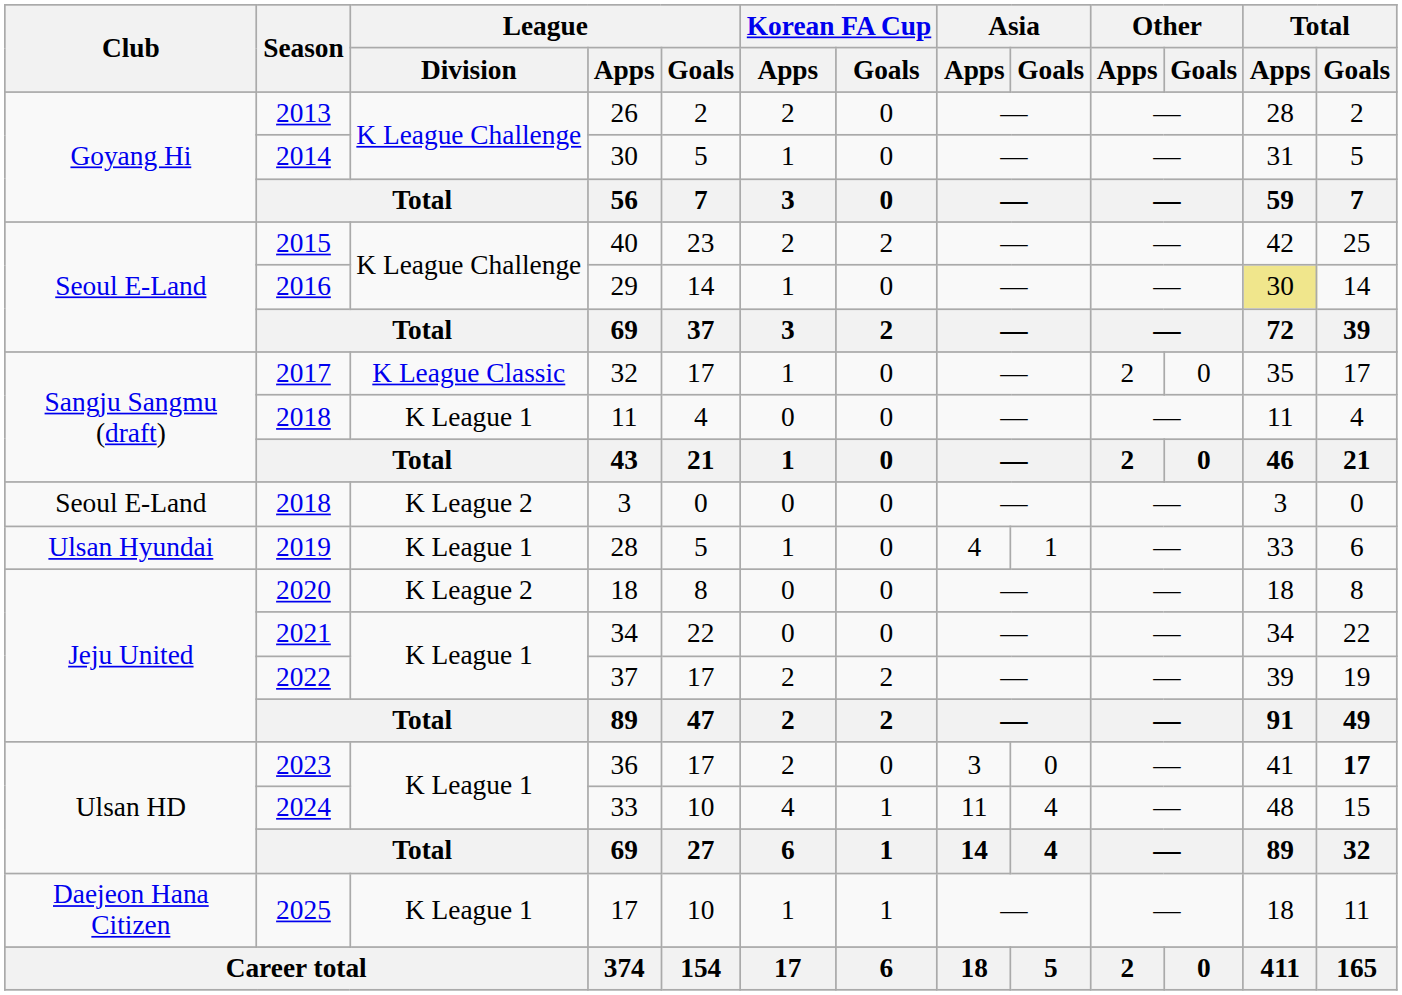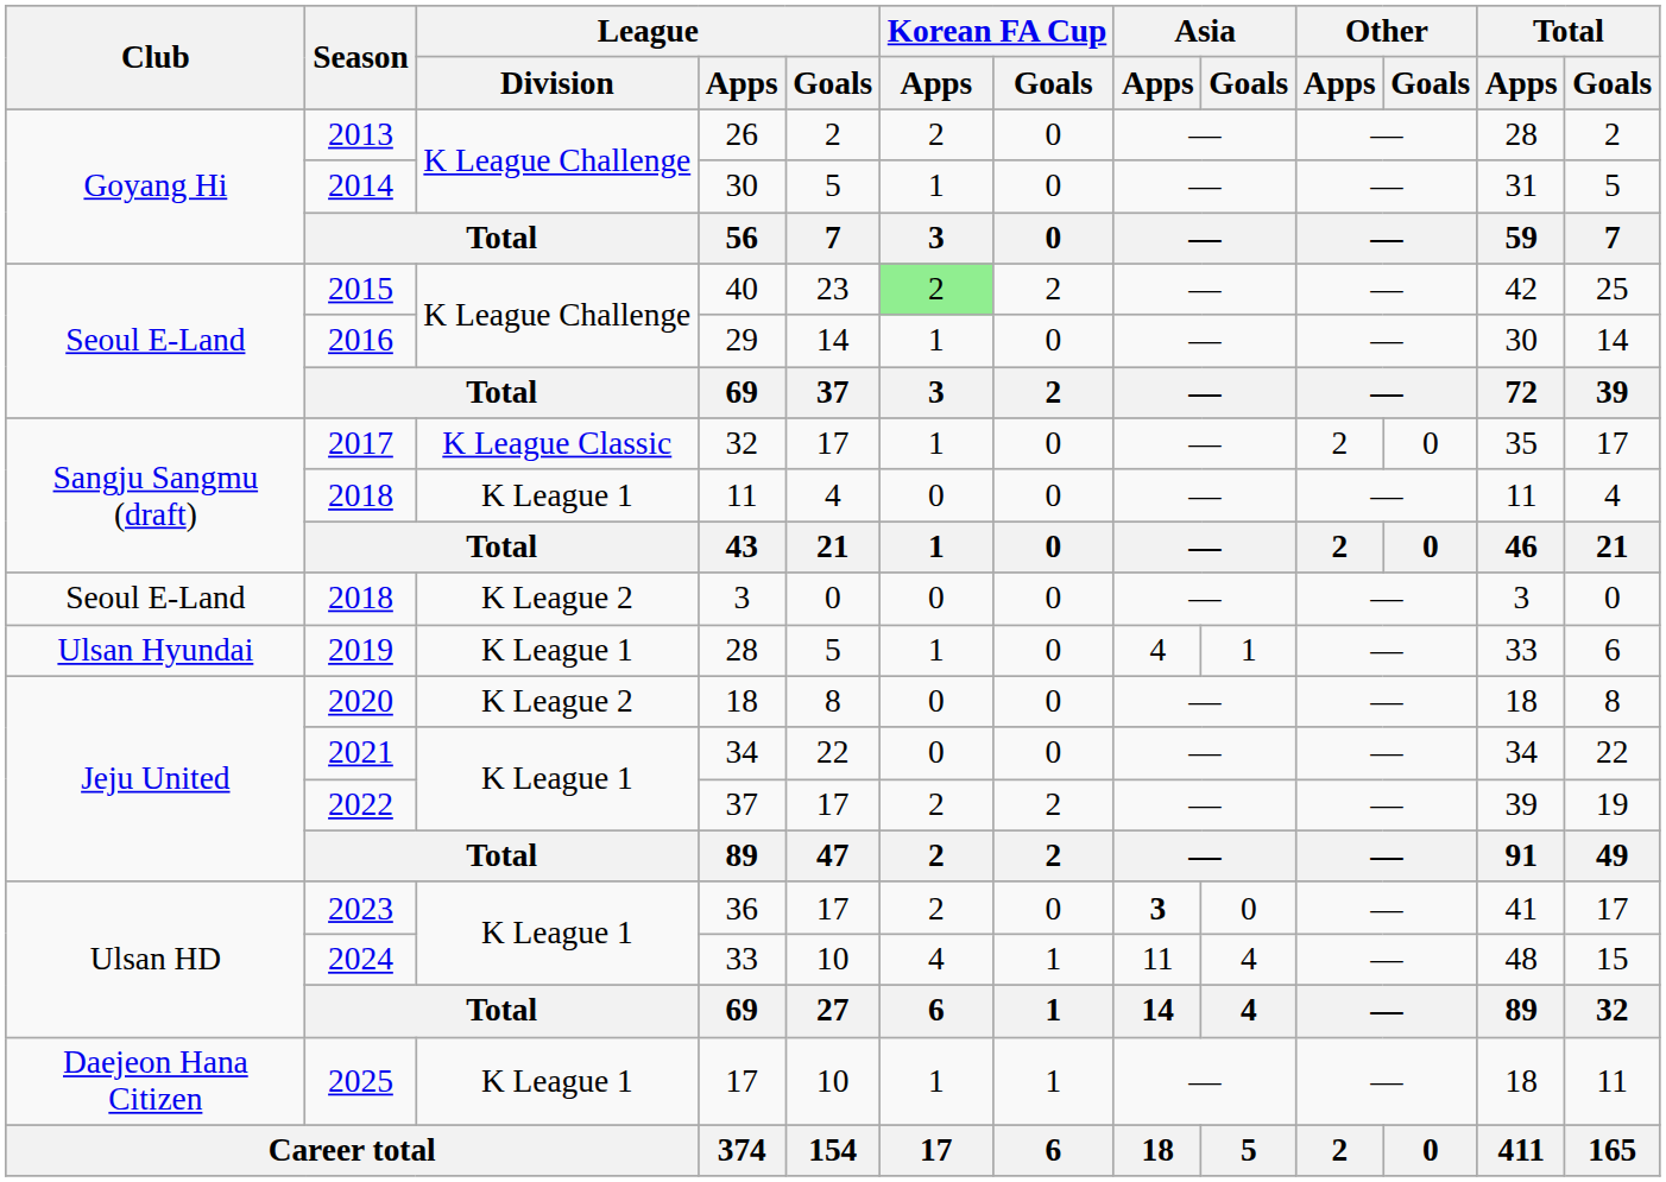 <table class="wikitable" style="text-align: center">
 <tr>
 <th rowspan="2" width=140>Club</th>
 <th rowspan="2">Season</th>
 <th colspan="3">League</th>
 <th colspan="2"><a href='#'>Korean FA Cup</a></th>
 <th colspan="2">Asia</th>
 <th colspan="2">Other</th>
 <th colspan="2">Total</th>
 </tr>
 <tr>
 <th>Division</th>
 <th>Apps</th>
 <th>Goals</th>
 <th>Apps</th>
 <th>Goals</th>
 <th>Apps</th>
 <th>Goals</th>
 <th>Apps</th>
 <th>Goals</th>
 <th>Apps</th>
 <th>Goals</th>
 </tr>
 <tr>
 <td rowspan="3"><a href='#'>Goyang Hi</a></td>
 <td><a href='#'>2013</a></td>
 <td rowspan="2"><a href='#'>K League Challenge</a></td>
 <td>26</td>
 <td>2</td>
 <td>2</td>
 <td>0</td>
 <td colspan=2>—</td>
 <td colspan=2>—</td>
 <td>28</td>
 <td>2</td>
 </tr>
 <tr>
 <td><a href='#'>2014</a></td>
 <td>30</td>
 <td>5</td>
 <td>1</td>
 <td>0</td>
 <td colspan=2>—</td>
 <td colspan=2>—</td>
 <td>31</td>
 <td>5</td>
 </tr>
 <tr>
 <th colspan="2">Total</th>
 <th>56</th>
 <th>7</th>
 <th>3</th>
 <th>0</th>
 <th colspan=2>—</th>
 <th colspan=2>—</th>
 <th>59</th>
 <th>7</th>
 </tr>
 <tr>
 <td rowspan="3"><a href='#'>Seoul E-Land</a></td>
 <td><a href='#'>2015</a></td>
 <td rowspan="2">K League Challenge</td>
 <td>40</td>
 <td>23</td>
-<td>2</td>
+<td style="background: lightgreen;">2</td>
 <td>2</td>
 <td colspan=2>—</td>
 <td colspan=2>—</td>
 <td>42</td>
 <td>25</td>
 </tr>
 <tr>
 <td><a href='#'>2016</a></td>
 <td>29</td>
 <td>14</td>
 <td>1</td>
 <td>0</td>
 <td colspan=2>—</td>
 <td colspan=2>—</td>
-<td style="background: khaki;">30</td>
+<td>30</td>
 <td>14</td>
 </tr>
 <tr>
 <th colspan="2">Total</th>
 <th>69</th>
 <th>37</th>
 <th>3</th>
 <th>2</th>
 <th colspan=2>—</th>
 <th colspan=2>—</th>
 <th>72</th>
 <th>39</th>
 </tr>
 <tr>
 <td rowspan="3"><a href='#'>Sangju Sangmu</a> (<a href='#'>draft</a>)</td>
 <td><a href='#'>2017</a></td>
 <td><a href='#'>K League Classic</a></td>
 <td>32</td>
 <td>17</td>
 <td>1</td>
 <td>0</td>
 <td colspan=2>—</td>
 <td>2</td>
 <td>0</td>
 <td>35</td>
 <td>17</td>
 </tr>
 <tr>
 <td><a href='#'>2018</a></td>
 <td>K League 1</td>
 <td>11</td>
 <td>4</td>
 <td>0</td>
 <td>0</td>
 <td colspan=2>—</td>
 <td colspan=2>—</td>
 <td>11</td>
 <td>4</td>
 </tr>
 <tr>
 <th colspan="2">Total</th>
 <th>43</th>
 <th>21</th>
 <th>1</th>
 <th>0</th>
 <th colspan=2>—</th>
 <th>2</th>
 <th>0</th>
 <th>46</th>
 <th>21</th>
 </tr>
 <tr>
 <td>Seoul E-Land</td>
 <td><a href='#'>2018</a></td>
 <td>K League 2</td>
 <td>3</td>
 <td>0</td>
 <td>0</td>
 <td>0</td>
 <td colspan=2>—</td>
 <td colspan=2>—</td>
 <td>3</td>
 <td>0</td>
 </tr>
 <tr>
 <td><a href='#'>Ulsan Hyundai</a></td>
 <td><a href='#'>2019</a></td>
 <td>K League 1</td>
 <td>28</td>
 <td>5</td>
 <td>1</td>
 <td>0</td>
 <td>4</td>
 <td>1</td>
 <td colspan=2>—</td>
 <td>33</td>
 <td>6</td>
 </tr>
 <tr>
 <td rowspan="4"><a href='#'>Jeju United</a></td>
 <td><a href='#'>2020</a></td>
 <td>K League 2</td>
 <td>18</td>
 <td>8</td>
 <td>0</td>
 <td>0</td>
 <td colspan=2>—</td>
 <td colspan=2>—</td>
 <td>18</td>
 <td>8</td>
 </tr>
 <tr>
 <td><a href='#'>2021</a></td>
 <td rowspan="2">K League 1</td>
 <td>34</td>
 <td>22</td>
 <td>0</td>
 <td>0</td>
 <td colspan=2>—</td>
 <td colspan=2>—</td>
 <td>34</td>
 <td>22</td>
 </tr>
 <tr>
 <td><a href='#'>2022</a></td>
 <td>37</td>
 <td>17</td>
 <td>2</td>
 <td>2</td>
 <td colspan=2>—</td>
 <td colspan=2>—</td>
 <td>39</td>
 <td>19</td>
 </tr>
 <tr>
 <th colspan="2">Total</th>
 <th>89</th>
 <th>47</th>
 <th>2</th>
 <th>2</th>
 <th colspan=2>—</th>
 <th colspan=2>—</th>
 <th>91</th>
 <th>49</th>
 </tr>
 <tr>
 <td rowspan="3">Ulsan HD</td>
 <td><a href='#'>2023</a></td>
 <td rowspan="2">K League 1</td>
 <td>36</td>
 <td>17</td>
 <td>2</td>
 <td>0</td>
-<td>3</td>
+<td><strong>3</strong></td>
 <td>0</td>
 <td colspan=2>—</td>
 <td>41</td>
-<td><strong>17</strong></td>
+<td>17</td>
 </tr>
 <tr>
 <td><a href='#'>2024</a></td>
 <td>33</td>
 <td>10</td>
 <td>4</td>
 <td>1</td>
 <td>11</td>
 <td>4</td>
 <td colspan=2>—</td>
 <td>48</td>
 <td>15</td>
 </tr>
 <tr>
 <th colspan="2">Total</th>
 <th>69</th>
 <th>27</th>
 <th>6</th>
 <th>1</th>
 <th>14</th>
 <th>4</th>
 <th colspan=2>—</th>
 <th>89</th>
 <th>32</th>
 </tr>
 <tr>
 <td><a href='#'>Daejeon Hana Citizen</a></td>
 <td><a href='#'>2025</a></td>
 <td>K League 1</td>
 <td>17</td>
 <td>10</td>
 <td>1</td>
 <td>1</td>
 <td colspan=2>—</td>
 <td colspan=2>—</td>
 <td>18</td>
 <td>11</td>
 </tr>
 <tr>
 <th colspan="3">Career total</th>
 <th>374</th>
 <th>154</th>
 <th>17</th>
 <th>6</th>
 <th>18</th>
 <th>5</th>
 <th>2</th>
 <th>0</th>
 <th>411</th>
 <th>165</th>
 </tr>
 </table>
